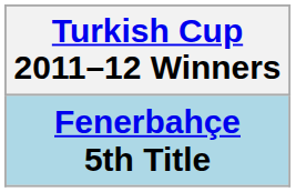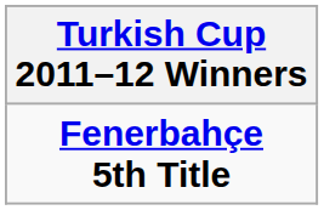 <table class="wikitable" style="text-align: center; margin: 0 auto;">
 <tr>
 <th><a href='#'>Turkish Cup</a><br>2011–12 Winners</th>
 </tr>
 <tr>
-<td style="background: lightblue;"><strong><a href='#'>Fenerbahçe</a></strong><br><strong>5th Title</strong></td>
+<td><strong><a href='#'>Fenerbahçe</a></strong><br><strong>5th Title</strong></td>
 </tr>
 </table>
